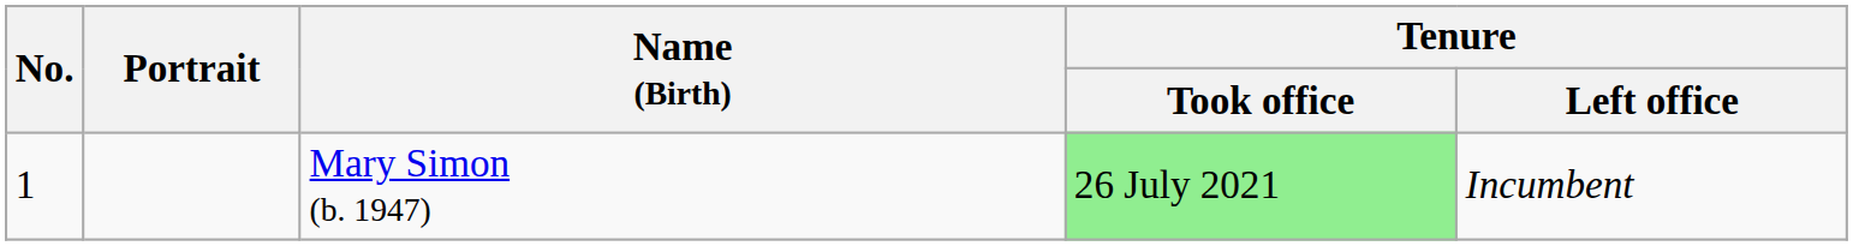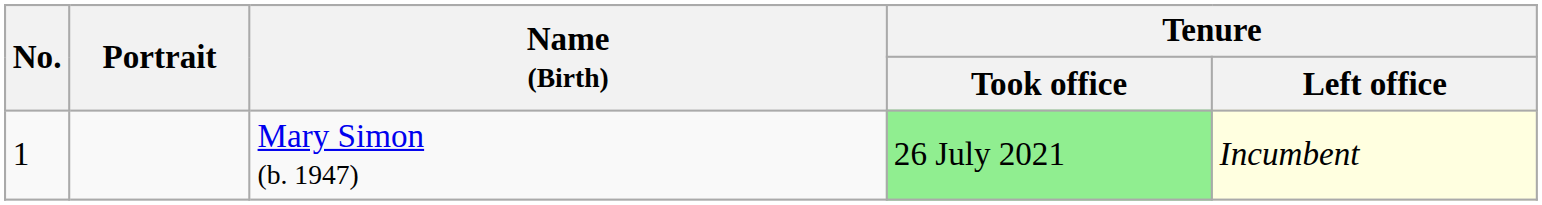 <table class="wikitable">
 <tr>
 <th scope="col" style="width:20px;" rowspan="2">No.</th>
 <th scope="col" style="width:80px;" rowspan="2">Portrait</th>
 <th scope="col" style="width:300px;" rowspan="2">Name<br><small>(Birth)</small></th>
 <th scope="col" style="width:300px;" colspan="2">Tenure</th>
 </tr>
 <tr>
 <th scope="col" style="width:150px;">Took office</th>
 <th scope="col" style="width:150px;">Left office</th>
 </tr>
 <tr>
 <td>1</td>
 <td style="text-align: center;"></td>
 <td><a href='#'>Mary Simon</a><br><small>(b. 1947)</small></td>
 <td style="background: lightgreen;">26 July 2021</td>
-<td><em>Incumbent</em></td>
+<td style="background: lightyellow;"><em>Incumbent</em></td>
 </tr>
 </table>
